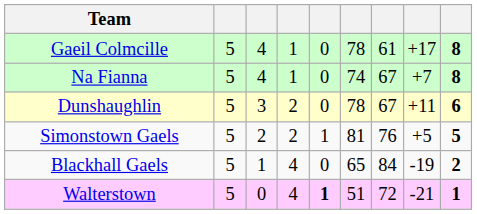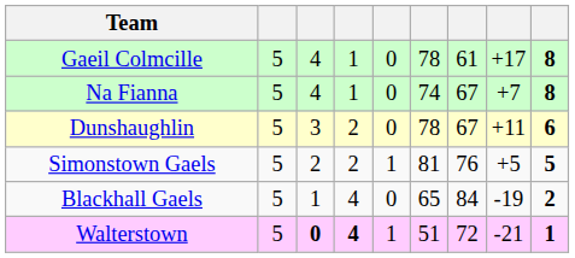 <table class="wikitable" style="text-align:center">
 <tr>
 <th style="width:175px;">Team</th>
 <th width="20"></th>
 <th width="20"></th>
 <th width="20"></th>
 <th width="20"></th>
 <th width="20"></th>
 <th width="20"></th>
 <th width="20"></th>
 <th width="20"></th>
 </tr>
 <tr style="background:#cfc;">
 <td><a href='#'>Gaeil Colmcille</a></td>
 <td>5</td>
 <td>4</td>
 <td>1</td>
 <td>0</td>
 <td>78</td>
 <td>61</td>
 <td>+17</td>
 <td><strong>8</strong></td>
 </tr>
 <tr style="background:#cfc;">
 <td><a href='#'>Na Fianna</a></td>
 <td>5</td>
 <td>4</td>
 <td>1</td>
 <td>0</td>
 <td>74</td>
 <td>67</td>
 <td>+7</td>
 <td><strong>8</strong></td>
 </tr>
 <tr style="background:#ffffcc;">
 <td><a href='#'>Dunshaughlin</a></td>
 <td>5</td>
 <td>3</td>
 <td>2</td>
 <td>0</td>
 <td>78</td>
 <td>67</td>
 <td>+11</td>
 <td><strong>6</strong></td>
 </tr>
 <tr>
 <td><a href='#'>Simonstown Gaels</a></td>
 <td>5</td>
 <td>2</td>
 <td>2</td>
 <td>1</td>
 <td>81</td>
 <td>76</td>
 <td>+5</td>
 <td><strong>5</strong></td>
 </tr>
 <tr>
 <td><a href='#'>Blackhall Gaels</a></td>
 <td>5</td>
 <td>1</td>
 <td>4</td>
 <td>0</td>
 <td>65</td>
 <td>84</td>
 <td>-19</td>
 <td><strong>2</strong></td>
 </tr>
 <tr style="background:#fcf;">
 <td><a href='#'>Walterstown</a></td>
 <td>5</td>
-<td>0</td>
-<td>4</td>
-<td><strong>1</strong></td>
+<td><strong>0</strong></td>
+<td><strong>4</strong></td>
+<td>1</td>
 <td>51</td>
 <td>72</td>
 <td>-21</td>
 <td><strong>1</strong></td>
 </tr>
 </table>
